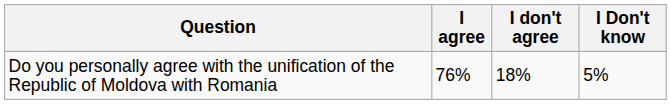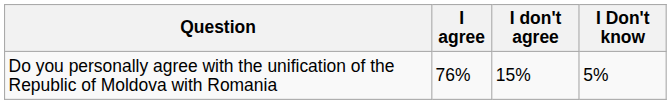 <table class="wikitable">
 <tr>
 <th>Question</th>
 <th>I agree</th>
 <th>I don't agree</th>
 <th>I Don't know</th>
 </tr>
 <tr>
 <td>Do you personally agree with the unification of the Republic of Moldova with Romania</td>
 <td>76%</td>
-<td>18%</td>
+<td>15%</td>
 <td>5%</td>
 </tr>
 </table>
